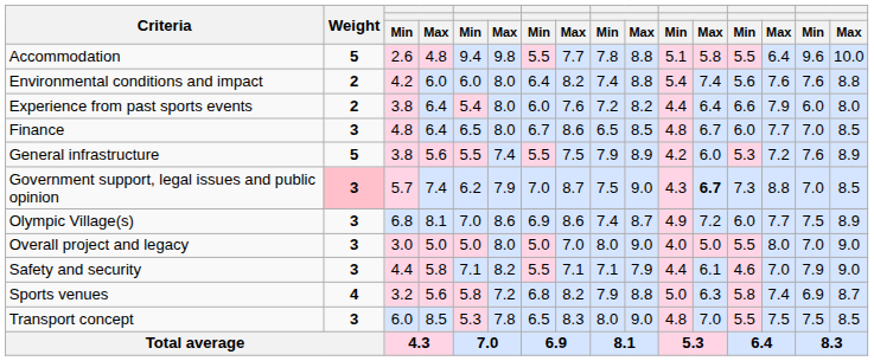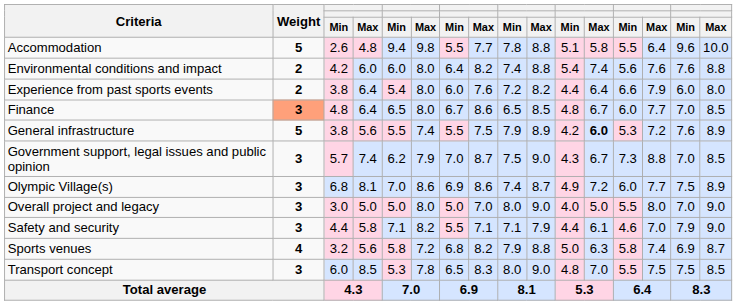 <table class="wikitable" style="margin:1em auto; width: 800px; text-align:center; font-size:90%">
 <tr>
 <th rowspan="3">Criteria</th>
 <th width="50px" rowspan="3">Weight</th>
 <th width="50px" colspan="2" valign="center"></th>
 <th width="50px" colspan="2" valign="center"></th>
 <th width="50px" colspan="2" valign="center"></th>
 <th width="50px" colspan="2" valign="center"></th>
 <th width="50px" colspan="2" valign="center"></th>
 <th width="50px" colspan="2" valign="center"></th>
 <th width="50px" colspan="2" valign="center"></th>
 </tr>
 <tr>
 <th colspan="2"></th>
 <th colspan="2"></th>
 <th colspan="2"></th>
 <th colspan="2"></th>
 <th colspan="2"></th>
 <th colspan="2"></th>
 <th colspan="2"></th>
 </tr>
 <tr>
 <th width="25px"><small>Min</small></th>
 <th width="25px"><small>Max</small></th>
 <th width="25px"><small>Min</small></th>
 <th width="25px"><small>Max</small></th>
 <th width="25px"><small>Min</small></th>
 <th width="25px"><small>Max</small></th>
 <th width="25px"><small>Min</small></th>
 <th width="25px"><small>Max</small></th>
 <th width="25px"><small>Min</small></th>
 <th width="25px"><small>Max</small></th>
 <th width="25px"><small>Min</small></th>
 <th width="25px"><small>Max</small></th>
 <th width="25px"><small>Min</small></th>
 <th width="25px"><small>Max</small></th>
 </tr>
 <tr>
 <td align="left">Accommodation</td>
 <td><strong>5</strong></td>
 <td style="background: #ffd5e5">2.6</td>
 <td style="background: #ffd5e5">4.8</td>
 <td style="background: #d5e5ff">9.4</td>
 <td style="background: #d5e5ff">9.8</td>
 <td style="background: #ffd5e5">5.5</td>
 <td style="background: #d5e5ff">7.7</td>
 <td style="background: #d5e5ff">7.8</td>
 <td style="background: #d5e5ff">8.8</td>
 <td style="background: #ffd5e5">5.1</td>
 <td style="background: #ffd5e5">5.8</td>
 <td style="background: #ffd5e5">5.5</td>
 <td style="background: #d5e5ff">6.4</td>
 <td style="background: #d5e5ff">9.6</td>
 <td style="background: #d5e5ff">10.0</td>
 </tr>
 <tr>
 <td align="left">Environmental conditions and impact</td>
 <td><strong>2</strong></td>
 <td style="background: #ffd5e5">4.2</td>
 <td style="background: #d5e5ff">6.0</td>
 <td style="background: #d5e5ff">6.0</td>
 <td style="background: #d5e5ff">8.0</td>
 <td style="background: #d5e5ff">6.4</td>
 <td style="background: #d5e5ff">8.2</td>
 <td style="background: #d5e5ff">7.4</td>
 <td style="background: #d5e5ff">8.8</td>
 <td style="background: #ffd5e5">5.4</td>
 <td style="background: #d5e5ff">7.4</td>
 <td style="background: #d5e5ff">5.6</td>
 <td style="background: #d5e5ff">7.6</td>
 <td style="background: #d5e5ff">7.6</td>
 <td style="background: #d5e5ff">8.8</td>
 </tr>
 <tr>
 <td align="left">Experience from past sports events</td>
 <td><strong>2</strong></td>
 <td style="background: #ffd5e5">3.8</td>
 <td style="background: #d5e5ff">6.4</td>
 <td style="background: #ffd5e5">5.4</td>
 <td style="background: #d5e5ff">8.0</td>
 <td style="background: #d5e5ff">6.0</td>
 <td style="background: #d5e5ff">7.6</td>
 <td style="background: #d5e5ff">7.2</td>
 <td style="background: #d5e5ff">8.2</td>
 <td style="background: #ffd5e5">4.4</td>
 <td style="background: #d5e5ff">6.4</td>
 <td style="background: #d5e5ff">6.6</td>
 <td style="background: #d5e5ff">7.9</td>
 <td style="background: #d5e5ff">6.0</td>
 <td style="background: #d5e5ff">8.0</td>
 </tr>
 <tr>
 <td align="left">Finance</td>
-<td><strong>3</strong></td>
+<td style="background: lightsalmon;"><strong>3</strong></td>
 <td style="background: #ffd5e5">4.8</td>
 <td style="background: #d5e5ff">6.4</td>
 <td style="background: #d5e5ff">6.5</td>
 <td style="background: #d5e5ff">8.0</td>
 <td style="background: #d5e5ff">6.7</td>
 <td style="background: #d5e5ff">8.6</td>
 <td style="background: #d5e5ff">6.5</td>
 <td style="background: #d5e5ff">8.5</td>
 <td style="background: #ffd5e5">4.8</td>
 <td style="background: #d5e5ff">6.7</td>
 <td style="background: #d5e5ff">6.0</td>
 <td style="background: #d5e5ff">7.7</td>
 <td style="background: #d5e5ff">7.0</td>
 <td style="background: #d5e5ff">8.5</td>
 </tr>
 <tr>
 <td align="left">General infrastructure</td>
 <td><strong>5</strong></td>
 <td style="background: #ffd5e5">3.8</td>
 <td style="background: #ffd5e5">5.6</td>
 <td style="background: #ffd5e5">5.5</td>
 <td style="background: #d5e5ff">7.4</td>
 <td style="background: #ffd5e5">5.5</td>
 <td style="background: #d5e5ff">7.5</td>
 <td style="background: #d5e5ff">7.9</td>
 <td style="background: #d5e5ff">8.9</td>
 <td style="background: #ffd5e5">4.2</td>
-<td style="background: #d5e5ff">6.0</td>
+<td style="background: #d5e5ff"><strong>6.0</strong></td>
 <td style="background: #ffd5e5">5.3</td>
 <td style="background: #d5e5ff">7.2</td>
 <td style="background: #d5e5ff">7.6</td>
 <td style="background: #d5e5ff">8.9</td>
 </tr>
 <tr>
 <td align="left">Government support, legal issues and public opinion</td>
-<td style="background: pink;"><strong>3</strong></td>
+<td><strong>3</strong></td>
 <td style="background: #ffd5e5">5.7</td>
 <td style="background: #d5e5ff">7.4</td>
 <td style="background: #d5e5ff">6.2</td>
 <td style="background: #d5e5ff">7.9</td>
 <td style="background: #d5e5ff">7.0</td>
 <td style="background: #d5e5ff">8.7</td>
 <td style="background: #d5e5ff">7.5</td>
 <td style="background: #d5e5ff">9.0</td>
 <td style="background: #ffd5e5">4.3</td>
-<td style="background: #d5e5ff"><strong>6.7</strong></td>
+<td style="background: #d5e5ff">6.7</td>
 <td style="background: #d5e5ff">7.3</td>
 <td style="background: #d5e5ff">8.8</td>
 <td style="background: #d5e5ff">7.0</td>
 <td style="background: #d5e5ff">8.5</td>
 </tr>
 <tr>
 <td align="left">Olympic Village(s)</td>
 <td><strong>3</strong></td>
 <td style="background: #d5e5ff">6.8</td>
 <td style="background: #d5e5ff">8.1</td>
 <td style="background: #d5e5ff">7.0</td>
 <td style="background: #d5e5ff">8.6</td>
 <td style="background: #d5e5ff">6.9</td>
 <td style="background: #d5e5ff">8.6</td>
 <td style="background: #d5e5ff">7.4</td>
 <td style="background: #d5e5ff">8.7</td>
 <td style="background: #ffd5e5">4.9</td>
 <td style="background: #d5e5ff">7.2</td>
 <td style="background: #d5e5ff">6.0</td>
 <td style="background: #d5e5ff">7.7</td>
 <td style="background: #d5e5ff">7.5</td>
 <td style="background: #d5e5ff">8.9</td>
 </tr>
 <tr>
 <td align="left">Overall project and legacy</td>
 <td><strong>3</strong></td>
 <td style="background: #ffd5e5">3.0</td>
 <td style="background: #ffd5e5">5.0</td>
 <td style="background: #ffd5e5">5.0</td>
 <td style="background: #d5e5ff">8.0</td>
 <td style="background: #ffd5e5">5.0</td>
 <td style="background: #d5e5ff">7.0</td>
 <td style="background: #d5e5ff">8.0</td>
 <td style="background: #d5e5ff">9.0</td>
 <td style="background: #ffd5e5">4.0</td>
 <td style="background: #ffd5e5">5.0</td>
 <td style="background: #ffd5e5">5.5</td>
 <td style="background: #d5e5ff">8.0</td>
 <td style="background: #d5e5ff">7.0</td>
 <td style="background: #d5e5ff">9.0</td>
 </tr>
 <tr>
 <td align="left">Safety and security</td>
 <td><strong>3</strong></td>
 <td style="background: #ffd5e5">4.4</td>
 <td style="background: #ffd5e5">5.8</td>
 <td style="background: #d5e5ff">7.1</td>
 <td style="background: #d5e5ff">8.2</td>
 <td style="background: #ffd5e5">5.5</td>
 <td style="background: #d5e5ff">7.1</td>
 <td style="background: #d5e5ff">7.1</td>
 <td style="background: #d5e5ff">7.9</td>
 <td style="background: #ffd5e5">4.4</td>
 <td style="background: #d5e5ff">6.1</td>
 <td style="background: #ffd5e5">4.6</td>
 <td style="background: #d5e5ff">7.0</td>
 <td style="background: #d5e5ff">7.9</td>
 <td style="background: #d5e5ff">9.0</td>
 </tr>
 <tr>
 <td align="left">Sports venues</td>
 <td><strong>4</strong></td>
 <td style="background: #ffd5e5">3.2</td>
 <td style="background: #ffd5e5">5.6</td>
 <td style="background: #ffd5e5">5.8</td>
 <td style="background: #d5e5ff">7.2</td>
 <td style="background: #d5e5ff">6.8</td>
 <td style="background: #d5e5ff">8.2</td>
 <td style="background: #d5e5ff">7.9</td>
 <td style="background: #d5e5ff">8.8</td>
 <td style="background: #ffd5e5">5.0</td>
 <td style="background: #d5e5ff">6.3</td>
 <td style="background: #ffd5e5">5.8</td>
 <td style="background: #d5e5ff">7.4</td>
 <td style="background: #d5e5ff">6.9</td>
 <td style="background: #d5e5ff">8.7</td>
 </tr>
 <tr>
 <td align="left">Transport concept</td>
 <td><strong>3</strong></td>
 <td style="background: #d5e5ff">6.0</td>
 <td style="background: #d5e5ff">8.5</td>
 <td style="background: #ffd5e5">5.3</td>
 <td style="background: #d5e5ff">7.8</td>
 <td style="background: #d5e5ff">6.5</td>
 <td style="background: #d5e5ff">8.3</td>
 <td style="background: #d5e5ff">8.0</td>
 <td style="background: #d5e5ff">9.0</td>
 <td style="background: #ffd5e5">4.8</td>
 <td style="background: #d5e5ff">7.0</td>
 <td style="background: #ffd5e5">5.5</td>
 <td style="background: #d5e5ff">7.5</td>
 <td style="background: #d5e5ff">7.5</td>
 <td style="background: #d5e5ff">8.5</td>
 </tr>
 <tr>
 <th colspan="2">Total average</th>
 <th colspan="2" style="background: #ffd5e5">4.3</th>
 <th colspan="2" style="background: #d5e5ff">7.0</th>
 <th colspan="2" style="background: #d5e5ff">6.9</th>
 <th colspan="2" style="background: #d5e5ff">8.1</th>
 <th colspan="2" style="background: #ffd5e5">5.3</th>
 <th colspan="2" style="background: #d5e5ff">6.4</th>
 <th colspan="2" style="background: #d5e5ff">8.3</th>
 </tr>
 </table>
